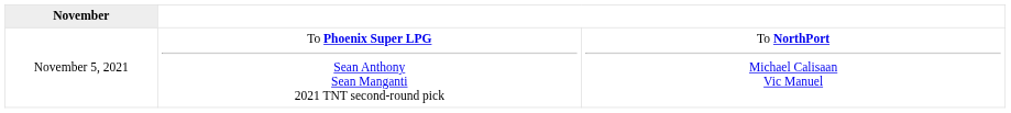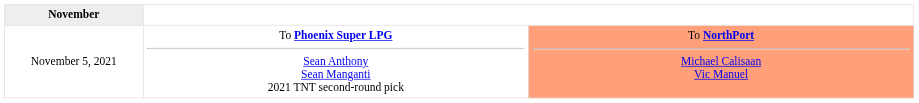 <table border=1 style="border-collapse:collapse; text-align: center; width: 100%" bordercolor="#DFDFDF"  cellpadding="5">
 <tr bgcolor="eeeeee">
 <th>November</th>
 </tr>
 <tr>
 <td style="width:12%">November 5, 2021</td>
 <td style="width:33.3%" valign="top">To <strong><a href='#'>Phoenix Super LPG</a></strong><hr><a href='#'>Sean Anthony</a><br><a href='#'>Sean Manganti</a><br>2021 TNT second-round pick</td>
-<td style="width:33.3%" valign="top">To <strong><a href='#'>NorthPort</a></strong><hr><a href='#'>Michael Calisaan</a><br><a href='#'>Vic Manuel</a></td>
+<td style="background: lightsalmon; width:33.3%" valign="top">To <strong><a href='#'>NorthPort</a></strong><hr><a href='#'>Michael Calisaan</a><br><a href='#'>Vic Manuel</a></td>
 </tr>
 </table>
